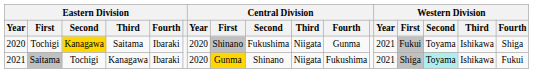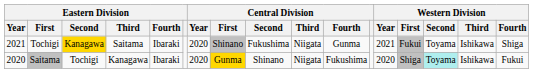 <table class="wikitable" style="text-align:center; font-size:small">
 <tr>
 <th colspan="6">Eastern Division</th>
 <th colspan="6">Central Division</th>
 <th colspan="6">Western Division</th>
 </tr>
 <tr>
 <th>Year</th>
 <th>First</th>
 <th>Second</th>
 <th>Third</th>
 <th>Fourth</th>
 <th></th>
 <th>Year</th>
 <th>First</th>
 <th>Second</th>
 <th>Third</th>
 <th>Fourth</th>
 <th></th>
 <th>Year</th>
 <th>First</th>
 <th>Second</th>
 <th>Third</th>
 <th>Fourth</th>
 </tr>
 <tr>
-<td>2020</td>
+<td>2021</td>
 <td>Tochigi</td>
 <td bgcolor="gold">Kanagawa</td>
 <td>Saitama</td>
 <td>Ibaraki</td>
 <td rowspan="2"></td>
 <td>2020</td>
 <td bgcolor="silver">Shinano</td>
 <td>Fukushima</td>
 <td>Niigata</td>
 <td>Gunma</td>
 <td rowspan="2"></td>
 <td>2021</td>
 <td bgcolor="silver">Fukui</td>
 <td>Toyama</td>
 <td>Ishikawa</td>
 <td>Shiga</td>
 </tr>
 <tr>
-<td>2021</td>
+<td>2020</td>
 <td bgcolor="silver">Saitama</td>
 <td>Tochigi</td>
 <td>Kanagawa</td>
 <td>Ibaraki</td>
 <td>2020</td>
 <td bgcolor="gold">Gunma</td>
 <td>Shinano</td>
 <td>Niigata</td>
 <td>Fukushima</td>
-<td>2021</td>
+<td>2020</td>
 <td bgcolor="silver">Shiga</td>
 <td style="background: paleturquoise;">Toyama</td>
 <td>Ishikawa</td>
 <td>Fukui</td>
 </tr>
 </table>
